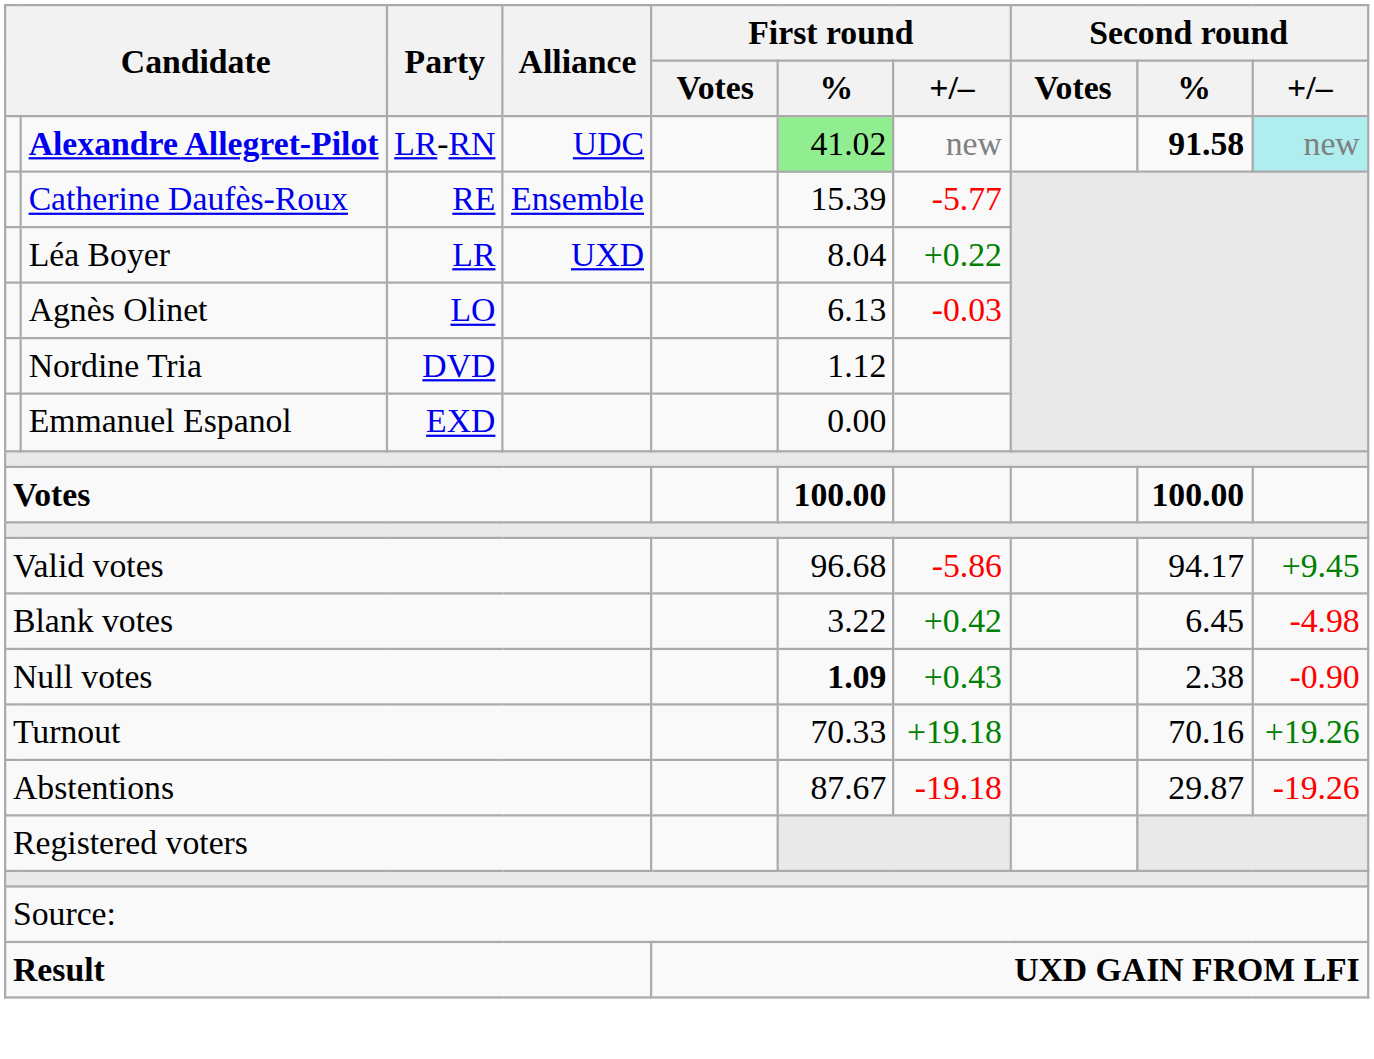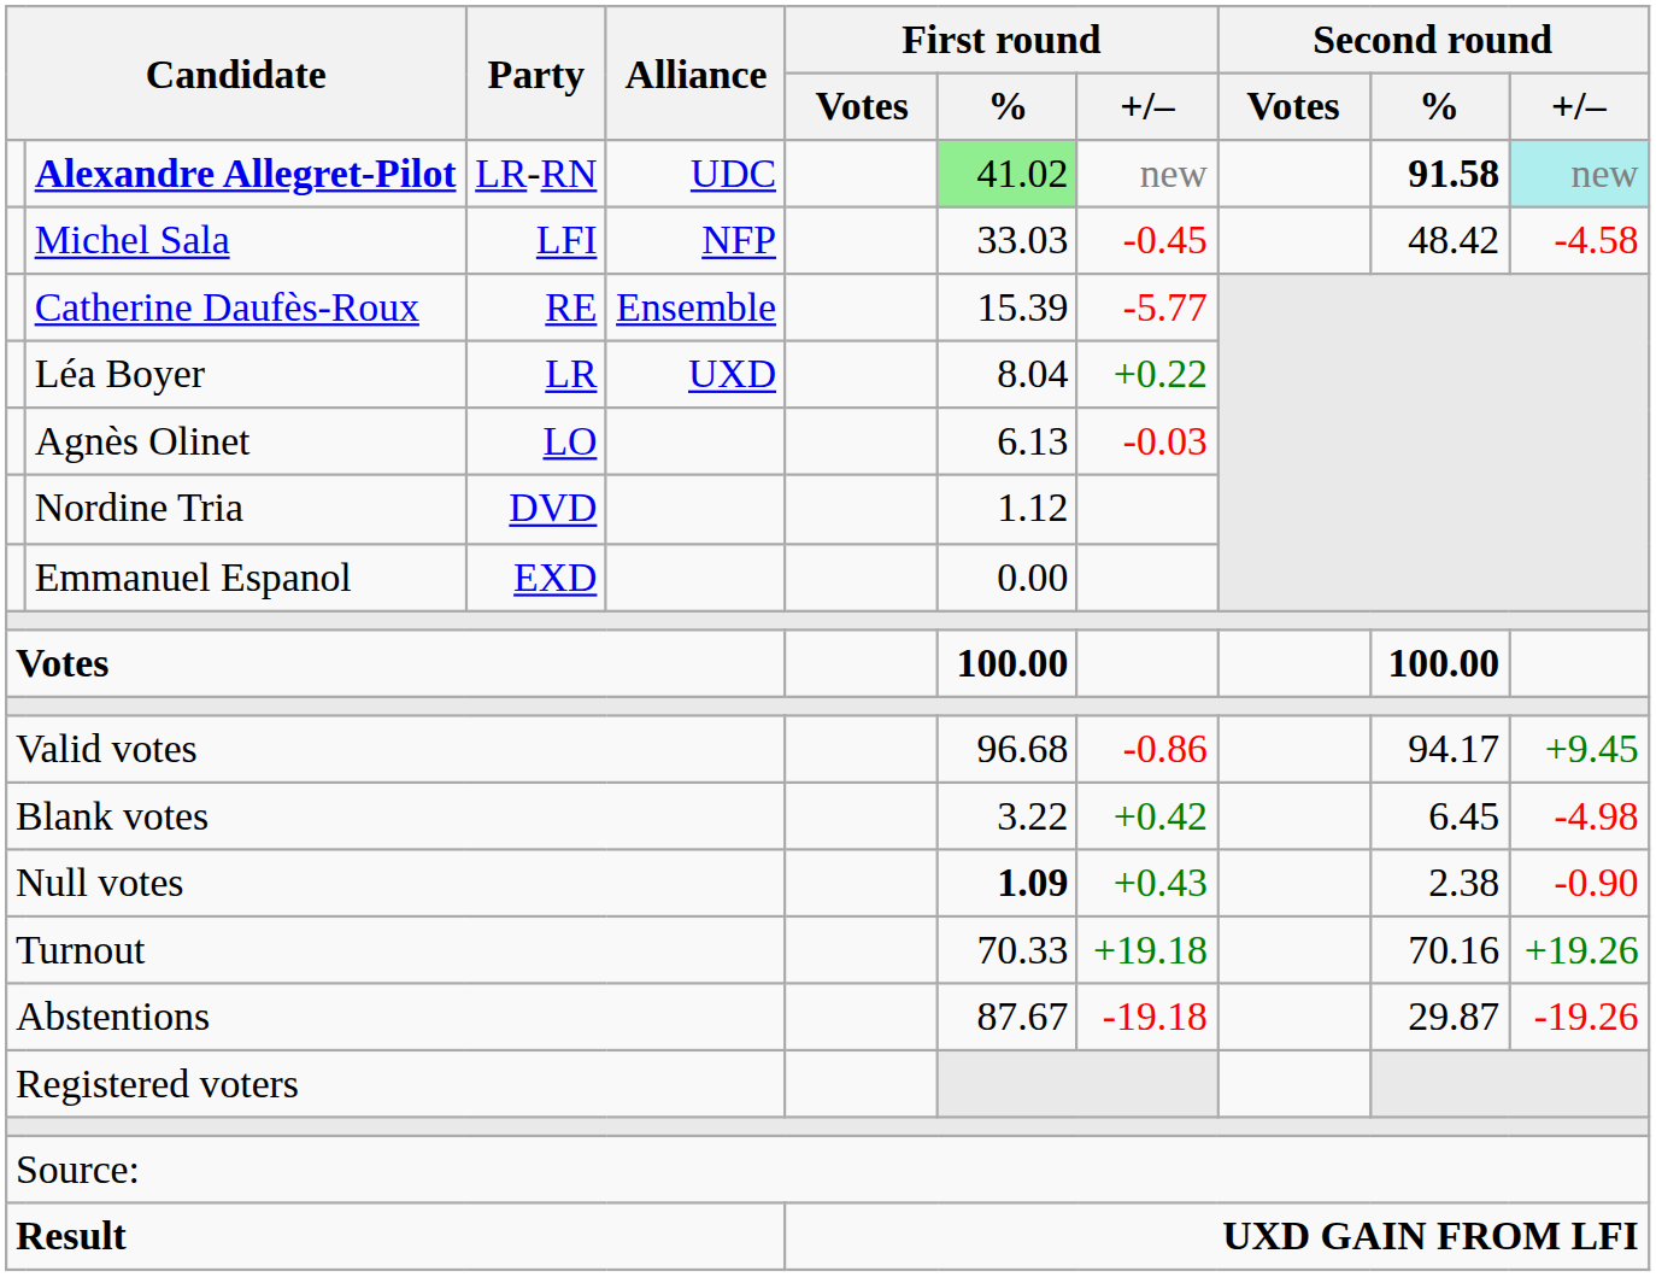 <table class="wikitable" style="text-align:right;font-size:95%;">
 <tr>
 <th rowspan="2" colspan="2">Candidate</th>
 <th colspan="1" rowspan="2">Party</th>
 <th colspan="1" rowspan="2">Alliance</th>
 <th colspan="3">First round</th>
 <th colspan="3">Second round</th>
 </tr>
 <tr>
 <th style="width:50px;">Votes</th>
 <th style="width:45px;">%</th>
 <th style="width:45px;">+/–</th>
 <th style="width:50px;">Votes</th>
 <th style="width:45px;">%</th>
 <th style="width:45px;">+/–</th>
 </tr>
 <tr>
 <td style="color:inherit;background:"></td>
 <td style="text-align:left;"><strong><a href='#'>Alexandre Allegret-Pilot</a></strong></td>
 <td><a href='#'>LR</a>-<a href='#'>RN</a></td>
 <td><a href='#'>UDC</a></td>
 <td></td>
 <td style="background: lightgreen;">41.02</td>
 <td style="color:grey;">new</td>
 <td><strong></strong></td>
 <td><strong>91.58</strong></td>
 <td style="background: paleturquoise; color:grey;">new</td>
+</tr>
+<tr>
+<td style="color:inherit;background:"></td>
+<td style="text-align:left;"><a href='#'>Michel Sala</a></td>
+<td><a href='#'>LFI</a></td>
+<td><a href='#'>NFP</a></td>
+<td></td>
+<td>33.03</td>
+<td style="color:red;">-0.45</td>
+<td></td>
+<td>48.42</td>
+<td style="color:red;">-4.58</td>
 </tr>
 <tr>
 <td style="color:inherit;background:"></td>
 <td style="text-align:left;"><a href='#'>Catherine Daufès-Roux</a></td>
 <td><a href='#'>RE</a></td>
 <td><a href='#'>Ensemble</a></td>
 <td></td>
 <td>15.39</td>
 <td style="color:red;">-5.77</td>
 <td colspan="3" rowspan="5" style="background:#E9E9E9;"></td>
 </tr>
 <tr>
 <td style="color:inherit;background:"></td>
 <td style="text-align:left;">Léa Boyer</td>
 <td><a href='#'>LR</a></td>
 <td><a href='#'>UXD</a></td>
 <td></td>
 <td>8.04</td>
 <td style="color:green;">+0.22</td>
 </tr>
 <tr>
 <td style="color:inherit;background:"></td>
 <td style="text-align:left;">Agnès Olinet</td>
 <td><a href='#'>LO</a></td>
 <td></td>
 <td></td>
 <td>6.13</td>
 <td style="color:red;">-0.03</td>
 </tr>
 <tr>
 <td style="color:inherit;background:"></td>
 <td style="text-align:left;">Nordine Tria</td>
 <td><a href='#'>DVD</a></td>
 <td></td>
 <td></td>
 <td>1.12</td>
 <td style="color:grey;"></td>
 </tr>
 <tr>
 <td style="color:inherit;background:"></td>
 <td style="text-align:left;">Emmanuel Espanol</td>
 <td><a href='#'>EXD</a></td>
 <td></td>
 <td></td>
 <td>0.00</td>
 <td style="color:grey;"></td>
 </tr>
 <tr>
 <td colspan="10" style="background:#E9E9E9;"></td>
 </tr>
 <tr style="font-weight:bold;">
 <td colspan="4" style="text-align:left;">Votes</td>
 <td></td>
 <td>100.00</td>
 <td></td>
 <td></td>
 <td>100.00</td>
 <td></td>
 </tr>
 <tr>
 <td colspan="10" style="background:#E9E9E9;"></td>
 </tr>
 <tr>
 <td colspan="4" style="text-align:left;">Valid votes</td>
 <td></td>
 <td>96.68</td>
-<td style="color:red;">-5.86</td>
+<td style="color:red;">-0.86</td>
 <td></td>
 <td>94.17</td>
 <td style="color:green;">+9.45</td>
 </tr>
 <tr>
 <td colspan="4" style="text-align:left;">Blank votes</td>
 <td></td>
 <td>3.22</td>
 <td style="color:green;">+0.42</td>
 <td></td>
 <td>6.45</td>
 <td style="color:red;">-4.98</td>
 </tr>
 <tr>
 <td colspan="4" style="text-align:left;">Null votes</td>
 <td></td>
 <td><strong>1.09</strong></td>
 <td style="color:green;">+0.43</td>
 <td></td>
 <td>2.38</td>
 <td style="color:red;">-0.90</td>
 </tr>
 <tr>
 <td colspan="4" style="text-align:left;">Turnout</td>
 <td></td>
 <td>70.33</td>
 <td style="color:green;">+19.18</td>
 <td></td>
 <td>70.16</td>
 <td style="color:green;">+19.26</td>
 </tr>
 <tr>
 <td colspan="4" style="text-align:left;">Abstentions</td>
 <td></td>
 <td>87.67</td>
 <td style="color:red;">-19.18</td>
 <td></td>
 <td>29.87</td>
 <td style="color:red;">-19.26</td>
 </tr>
 <tr>
 <td colspan="4" style="text-align:left;">Registered voters</td>
 <td></td>
 <td colspan="2" style="background:#E9E9E9;"></td>
 <td></td>
 <td colspan="2" style="background:#E9E9E9;"></td>
 </tr>
 <tr>
 <td colspan="10" style="background:#E9E9E9;"></td>
 </tr>
 <tr>
 <td colspan="10" style="text-align:left;">Source: </td>
 </tr>
 <tr style="font-weight:bold">
 <td colspan="4" style="text-align:left;">Result</td>
 <td colspan="6" style="background-color:">UXD GAIN FROM LFI</td>
 </tr>
 </table>
